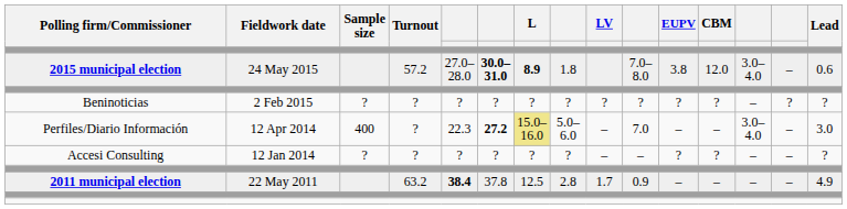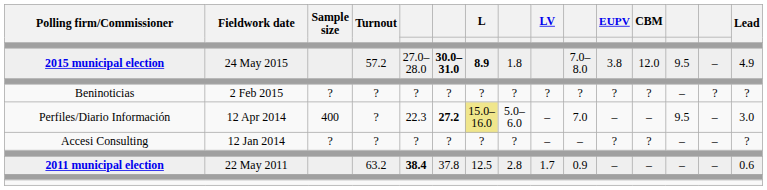 <table class="wikitable collapsible collapsed" style="text-align:center; font-size:95%; line-height:16px;">
 <tr style="height:42px;">
 <th style="width:250px;" rowspan="2">Polling firm/Commissioner</th>
 <th style="width:125px;" rowspan="2">Fieldwork date</th>
 <th style="width:50px;" rowspan="2">Sample size</th>
 <th style="width:45px;" rowspan="2">Turnout</th>
 <th style="width:35px;"></th>
 <th style="width:35px;"></th>
 <th style="width:35px;">L</th>
 <th style="width:35px;"></th>
 <th style="width:35px;"><a href='#'>LV</a></th>
 <th style="width:35px;"></th>
 <th style="width:35px; font-size:95%;"><a href='#'>EUPV</a></th>
 <th style="width:35px;">CBM</th>
 <th style="width:35px;"></th>
 <th style="width:35px;"></th>
 <th style="width:30px;" rowspan="2">Lead</th>
 </tr>
 <tr>
 <th style="color:inherit;background:"></th>
 <th style="color:inherit;background:"></th>
 <th style="color:inherit;background:"></th>
 <th style="color:inherit;background:"></th>
 <th style="color:inherit;background:"></th>
 <th style="color:inherit;background:"></th>
 <th style="color:inherit;background:"></th>
 <th style="color:inherit;background:"></th>
 <th style="color:inherit;background:"></th>
 <th style="color:inherit;background:"></th>
 </tr>
 <tr>
 <td colspan="15" style="background:#A0A0A0"></td>
 </tr>
 <tr style="background:#EFEFEF;">
 <td><strong><a href='#'>2015 municipal election</a></strong></td>
 <td>24 May 2015</td>
 <td></td>
 <td>57.2</td>
 <td>27.0–<br>28.0<br></td>
 <td><strong>30.0–<br>31.0</strong><br></td>
 <td><strong>8.9<br></strong></td>
 <td>1.8<br></td>
 <td></td>
 <td>7.0–<br>8.0<br></td>
 <td>3.8<br></td>
 <td>12.0<br></td>
-<td>3.0–<br>4.0<br></td>
+<td>9.5<br></td>
 <td>–</td>
-<td style="background:">0.6</td>
+<td style="background:">4.9</td>
 </tr>
 <tr>
 <td colspan="15" style="background:#A0A0A0"></td>
 </tr>
 <tr>
 <td>Beninoticias</td>
 <td>2 Feb 2015</td>
 <td>?</td>
 <td>?</td>
 <td>?<br></td>
 <td>?<br></td>
 <td>?<br></td>
 <td>?<br></td>
 <td>?<br></td>
 <td>?<br></td>
 <td>?<br></td>
 <td>?<br></td>
 <td>–</td>
 <td>?<br></td>
 <td style="background:">?</td>
 </tr>
 <tr>
 <td>Perfiles/Diario Información</td>
 <td>12 Apr 2014</td>
 <td>400</td>
 <td>?</td>
 <td>22.3<br></td>
 <td><strong>27.2</strong><br></td>
 <td style="background: khaki;">15.0–<br>16.0<br></td>
 <td>5.0–<br>6.0<br></td>
 <td>–</td>
 <td>7.0<br></td>
 <td>–</td>
 <td>–</td>
-<td>3.0–<br>4.0<br></td>
+<td>9.5<br></td>
 <td>–</td>
 <td style="background:">3.0</td>
 </tr>
 <tr>
 <td>Accesi Consulting</td>
 <td>12 Jan 2014</td>
 <td>?</td>
 <td>?</td>
 <td>?<br></td>
 <td>?<br></td>
 <td>?<br></td>
 <td>?<br></td>
 <td>–</td>
 <td>–</td>
 <td>?<br></td>
 <td>?<br></td>
 <td>–</td>
 <td>–</td>
 <td style="background:">?</td>
 </tr>
 <tr>
 <td colspan="15" style="background:#A0A0A0"></td>
 </tr>
 <tr style="background:#EFEFEF;">
 <td><strong><a href='#'>2011 municipal election</a></strong></td>
 <td>22 May 2011</td>
 <td></td>
 <td>63.2</td>
 <td><strong>38.4</strong><br></td>
 <td>37.8<br></td>
 <td>12.5<br></td>
 <td>2.8<br></td>
 <td>1.7<br></td>
 <td>0.9<br></td>
 <td>–</td>
 <td>–</td>
 <td>–</td>
 <td>–</td>
-<td style="background:">4.9</td>
+<td style="background:">0.6</td>
 </tr>
 <tr>
 <td colspan="15" style="background:#A0A0A0"></td>
 </tr>
 <tr>
 <td align="left" colspan="15"></td>
 </tr>
 </table>
